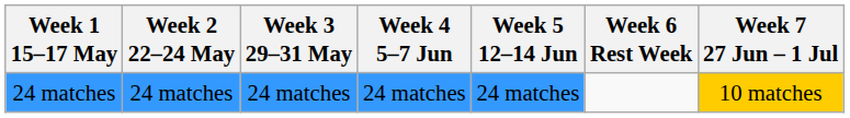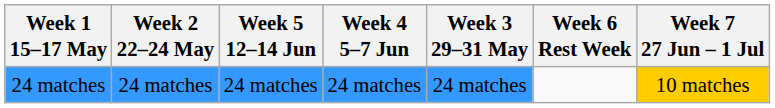 <table class="wikitable" style="margin:0.9em auto; font-size:90%; line-height:1.25em; width:800;">
 <tr>
 <th>Week 1<br>15–17 May</th>
 <th>Week 2<br>22–24 May</th>
+<th>Week 5<br>12–14 Jun</th>
+<th>Week 4<br>5–7 Jun</th>
 <th>Week 3<br>29–31 May</th>
-<th>Week 4<br>5–7 Jun</th>
-<th>Week 5<br>12–14 Jun</th>
 <th>Week 6<br>Rest Week</th>
 <th>Week 7<br>27 Jun – 1 Jul</th>
 </tr>
 <tr align="center">
 <td bgcolor=#3399ff>24 matches</td>
 <td bgcolor=#3399ff>24 matches</td>
 <td bgcolor=#3399ff>24 matches</td>
 <td bgcolor=#3399ff>24 matches</td>
 <td bgcolor=#3399ff>24 matches</td>
 <td></td>
 <td bgcolor=#ffcc00>10 matches</td>
 </tr>
 </table>
